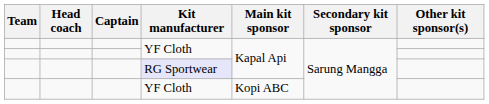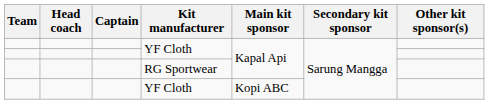 <table class="wikitable">
 <tr>
 <th>Team</th>
 <th>Head coach</th>
 <th>Captain</th>
 <th class="nowrap">Kit manufacturer</th>
 <th>Main kit sponsor</th>
 <th>Secondary kit sponsor</th>
 <th>Other kit sponsor(s)</th>
 </tr>
 <tr>
 <td></td>
 <td></td>
 <td></td>
 <td rowspan=2> YF Cloth</td>
 <td rowspan=3>Kapal Api</td>
 <td rowspan=4>Sarung Mangga</td>
 <td></td>
 </tr>
 <tr>
 <td></td>
 <td></td>
 <td></td>
 <td></td>
 </tr>
 <tr>
 <td></td>
 <td></td>
 <td></td>
-<td style="background: lavender;"> RG Sportwear</td>
+<td> RG Sportwear</td>
 <td></td>
 </tr>
 <tr>
 <td></td>
 <td></td>
 <td></td>
 <td> YF Cloth</td>
 <td>Kopi ABC</td>
 <td></td>
 </tr>
 </table>
